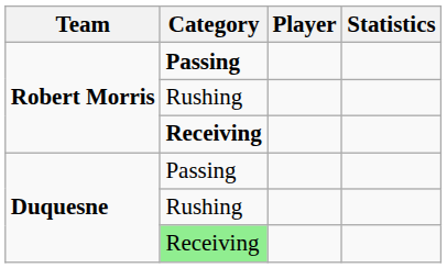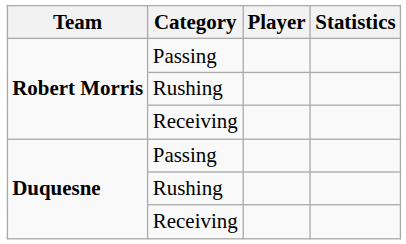 <table class="wikitable" style="float: right;">
 <tr>
 <th>Team</th>
 <th>Category</th>
 <th>Player</th>
 <th>Statistics</th>
 </tr>
 <tr>
 <td rowspan=3><strong>Robert Morris</strong></td>
-<td><strong>Passing</strong></td>
+<td>Passing</td>
 <td></td>
 <td></td>
 </tr>
 <tr>
 <td>Rushing</td>
 <td></td>
 <td></td>
 </tr>
 <tr>
-<td><strong>Receiving</strong></td>
+<td>Receiving</td>
 <td></td>
 <td></td>
 </tr>
 <tr>
 <td rowspan=3><strong>Duquesne</strong></td>
 <td>Passing</td>
 <td></td>
 <td></td>
 </tr>
 <tr>
 <td>Rushing</td>
 <td></td>
 <td></td>
 </tr>
 <tr>
-<td style="background: lightgreen;">Receiving</td>
+<td>Receiving</td>
 <td></td>
 <td></td>
 </tr>
 </table>
